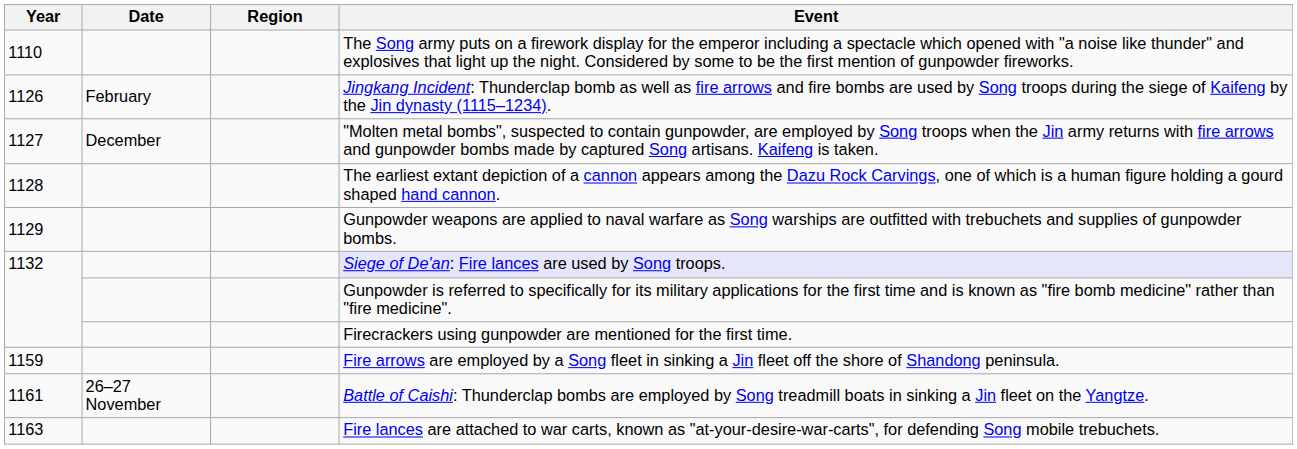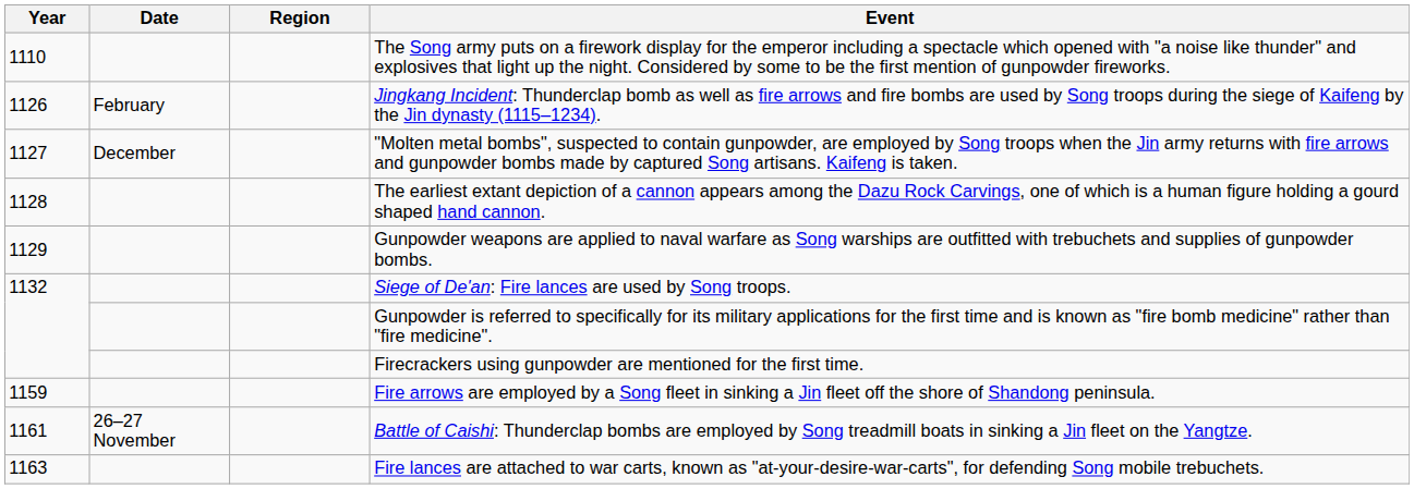 <table class="wikitable" width="100%">
 <tr>
 <th style="width:6%">Year</th>
 <th style="width:10%">Date</th>
 <th style="width:10%">Region</th>
 <th>Event</th>
 </tr>
 <tr>
 <td>1110</td>
 <td></td>
 <td></td>
 <td>The <a href='#'>Song</a> army puts on a firework display for the emperor including a spectacle which opened with "a noise like thunder" and explosives that light up the night. Considered by some to be the first mention of gunpowder fireworks.</td>
 </tr>
 <tr>
 <td>1126</td>
 <td>February</td>
 <td></td>
 <td><em><a href='#'>Jingkang Incident</a></em>: Thunderclap bomb as well as <a href='#'>fire arrows</a> and fire bombs are used by <a href='#'>Song</a> troops during the siege of <a href='#'>Kaifeng</a> by the <a href='#'>Jin dynasty (1115–1234)</a>.</td>
 </tr>
 <tr>
 <td>1127</td>
 <td>December</td>
 <td></td>
 <td>"Molten metal bombs", suspected to contain gunpowder, are employed by <a href='#'>Song</a> troops when the <a href='#'>Jin</a> army returns with <a href='#'>fire arrows</a> and gunpowder bombs made by captured <a href='#'>Song</a> artisans. <a href='#'>Kaifeng</a> is taken.</td>
 </tr>
 <tr>
 <td>1128</td>
 <td></td>
 <td></td>
 <td>The earliest extant depiction of a <a href='#'>cannon</a> appears among the <a href='#'>Dazu Rock Carvings</a>, one of which is a human figure holding a gourd shaped <a href='#'>hand cannon</a>.</td>
 </tr>
 <tr>
 <td>1129</td>
 <td></td>
 <td></td>
 <td>Gunpowder weapons are applied to naval warfare as <a href='#'>Song</a> warships are outfitted with trebuchets and supplies of gunpowder bombs.</td>
 </tr>
 <tr>
 <td rowspan="3" valign="top">1132</td>
 <td></td>
 <td></td>
-<td style="background: lavender;"><em><a href='#'>Siege of De'an</a></em>: <a href='#'>Fire lances</a> are used by <a href='#'>Song</a> troops.</td>
+<td><em><a href='#'>Siege of De'an</a></em>: <a href='#'>Fire lances</a> are used by <a href='#'>Song</a> troops.</td>
 </tr>
 <tr>
 <td></td>
 <td></td>
 <td>Gunpowder is referred to specifically for its military applications for the first time and is known as "fire bomb medicine" rather than "fire medicine".</td>
 </tr>
 <tr>
 <td></td>
 <td></td>
 <td>Firecrackers using gunpowder are mentioned for the first time.</td>
 </tr>
 <tr>
 <td>1159</td>
 <td></td>
 <td></td>
 <td><a href='#'>Fire arrows</a> are employed by a <a href='#'>Song</a> fleet in sinking a <a href='#'>Jin</a> fleet off the shore of <a href='#'>Shandong</a> peninsula.</td>
 </tr>
 <tr>
 <td>1161</td>
 <td>26–27 November</td>
 <td></td>
 <td><em><a href='#'>Battle of Caishi</a></em>: Thunderclap bombs are employed by <a href='#'>Song</a> treadmill boats in sinking a <a href='#'>Jin</a> fleet on the <a href='#'>Yangtze</a>.</td>
 </tr>
 <tr>
 <td>1163</td>
 <td></td>
 <td></td>
 <td><a href='#'>Fire lances</a> are attached to war carts, known as "at-your-desire-war-carts", for defending <a href='#'>Song</a> mobile trebuchets.</td>
 </tr>
 </table>
